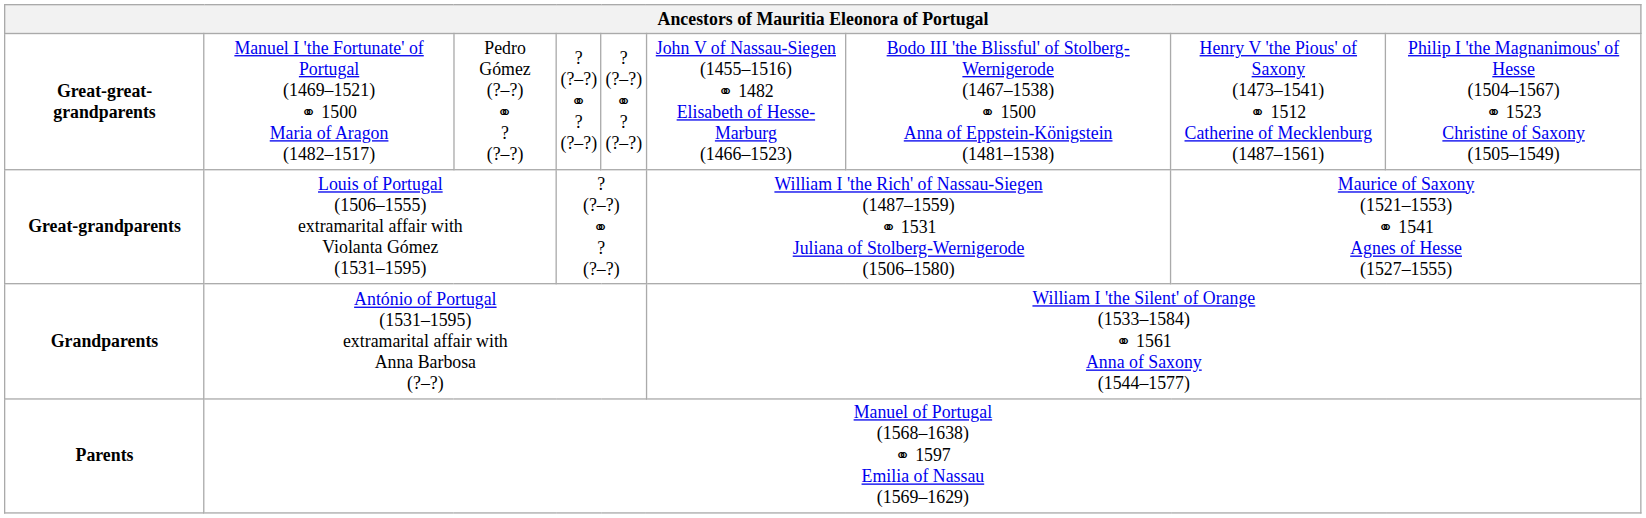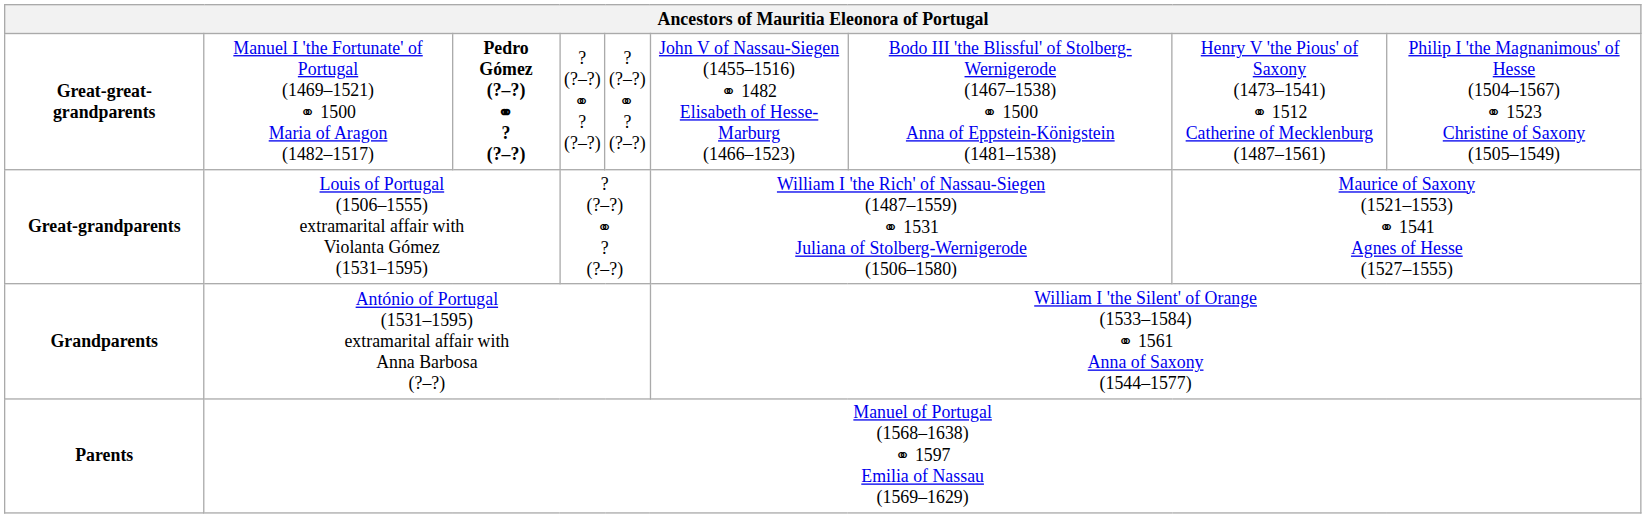 <table class="wikitable" style="background:#FFFFFF; font-size:85%; text-align:center">
 <tr bgcolor="#E0E0E0">
 <th colspan="9">Ancestors of Mauritia Eleonora of Portugal</th>
 </tr>
 <tr>
 <td><strong>Great-great-grandparents</strong></td>
 <td colspan="1"><a href='#'>Manuel I 'the Fortunate' of Portugal</a><br>(1469–1521)<br>⚭ 1500<br><a href='#'>Maria of Aragon</a><br>(1482–1517)</td>
-<td colspan="1">Pedro Gómez<br>(?–?)<br>⚭ <br>?<br>(?–?)</td>
+<td colspan="1"><strong>Pedro Gómez<br>(?–?)<br>⚭ <br>?<br>(?–?)</strong></td>
 <td colspan="1">?<br>(?–?)<br>⚭ <br>?<br>(?–?)</td>
 <td colspan="1">?<br>(?–?)<br>⚭ <br>?<br>(?–?)</td>
 <td colspan="1"><a href='#'>John V of Nassau-Siegen</a><br>(1455–1516)<br>⚭ 1482<br><a href='#'>Elisabeth of Hesse-Marburg</a><br>(1466–1523)</td>
 <td colspan="1"><a href='#'>Bodo III 'the Blissful' of Stolberg-Wernigerode</a><br>(1467–1538)<br>⚭ 1500<br><a href='#'>Anna of Eppstein-Königstein</a><br>(1481–1538)</td>
 <td colspan="1"><a href='#'>Henry V 'the Pious' of Saxony</a><br>(1473–1541)<br>⚭ 1512<br><a href='#'>Catherine of Mecklenburg</a><br>(1487–1561)</td>
 <td colspan="1"><a href='#'>Philip I 'the Magnanimous' of Hesse</a><br>(1504–1567)<br>⚭ 1523<br><a href='#'>Christine of Saxony</a><br>(1505–1549)</td>
 </tr>
 <tr>
 <td><strong>Great-grandparents</strong></td>
 <td colspan="2"><a href='#'>Louis of Portugal</a><br>(1506–1555)<br>extramarital affair with<br>Violanta Gómez<br>(1531–1595)</td>
 <td colspan="2">?<br>(?–?)<br>⚭ <br>?<br>(?–?)</td>
 <td colspan="2"><a href='#'>William I 'the Rich' of Nassau-Siegen</a><br>(1487–1559)<br>⚭ 1531<br><a href='#'>Juliana of Stolberg-Wernigerode</a><br>(1506–1580)</td>
 <td colspan="2"><a href='#'>Maurice of Saxony</a><br>(1521–1553)<br>⚭ 1541<br><a href='#'>Agnes of Hesse</a><br>(1527–1555)</td>
 </tr>
 <tr>
 <td><strong>Grandparents</strong></td>
 <td colspan="4"><a href='#'>António of Portugal</a><br>(1531–1595)<br>extramarital affair with<br>Anna Barbosa<br>(?–?)</td>
 <td colspan="4"><a href='#'>William I 'the Silent' of Orange</a><br>(1533–1584)<br>⚭ 1561<br><a href='#'>Anna of Saxony</a><br>(1544–1577)</td>
 </tr>
 <tr>
 <td><strong>Parents</strong></td>
 <td colspan="8"><a href='#'>Manuel of Portugal</a><br>(1568–1638)<br>⚭ 1597<br><a href='#'>Emilia of Nassau</a><br>(1569–1629)</td>
 </tr>
 </table>
